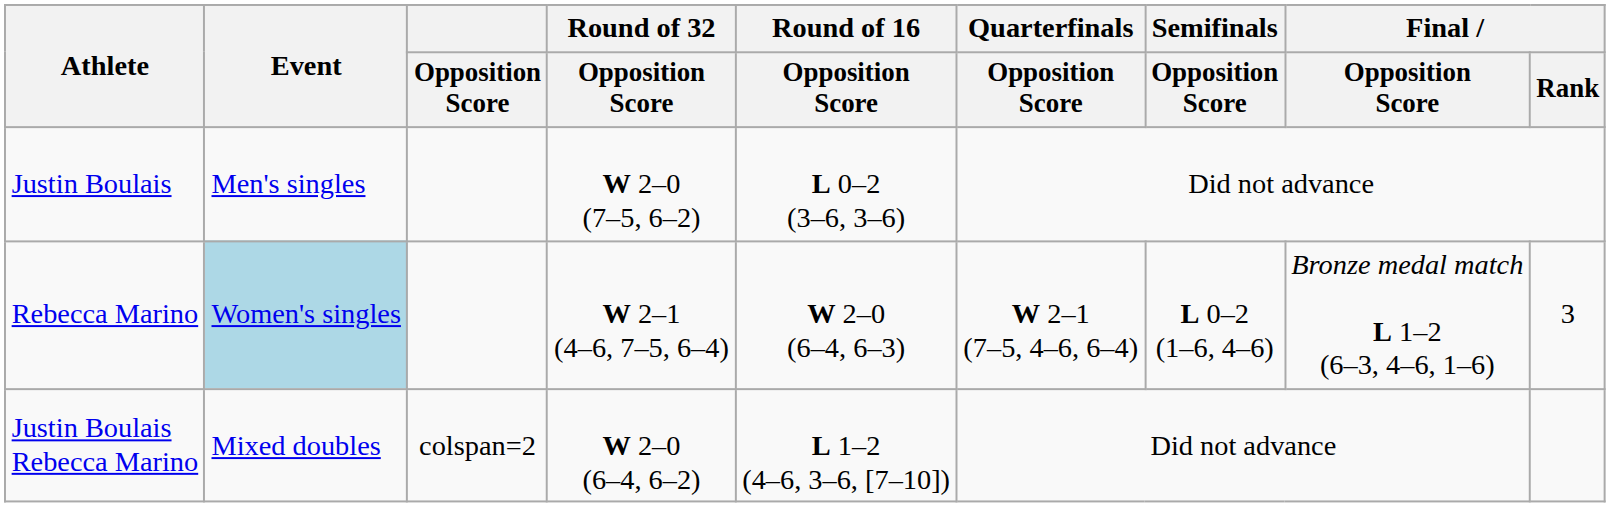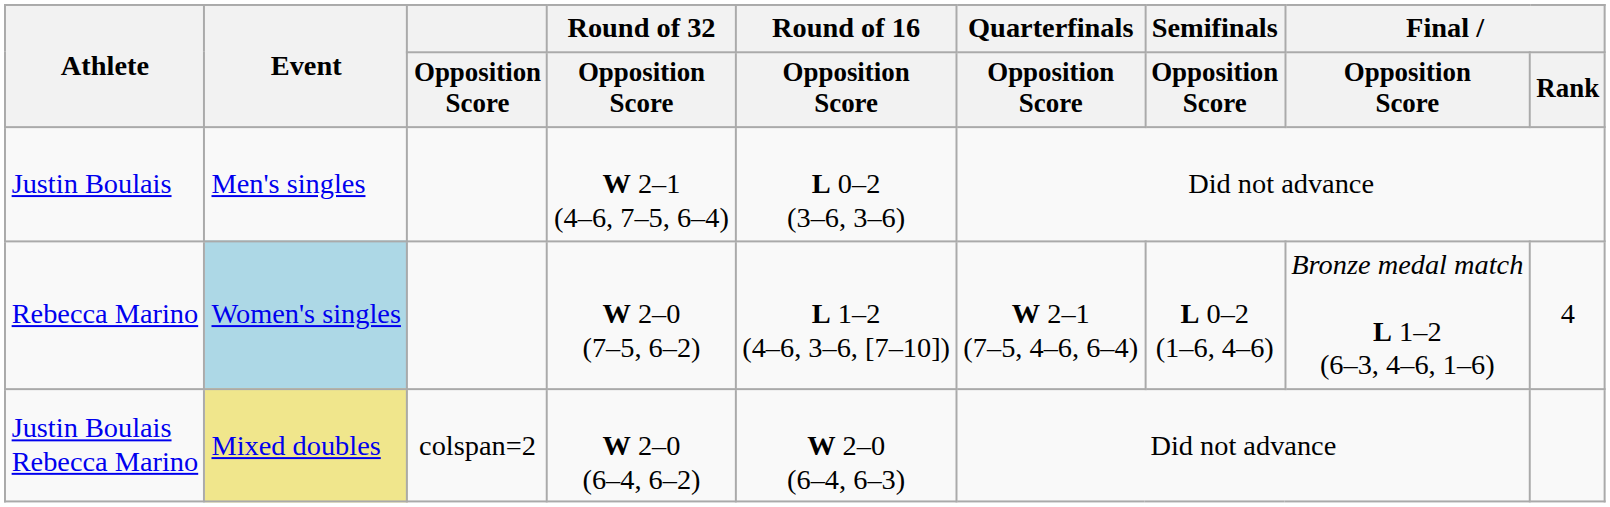 <table class=wikitable style="font-size:90%">
 <tr>
 <th rowspan=2>Athlete</th>
 <th rowspan=2>Event</th>
 <th></th>
 <th>Round of 32</th>
 <th>Round of 16</th>
 <th>Quarterfinals</th>
 <th>Semifinals</th>
 <th colspan=2>Final / </th>
 </tr>
 <tr style="font-size:95%">
 <th>Opposition<br>Score</th>
 <th>Opposition<br>Score</th>
 <th>Opposition<br>Score</th>
 <th>Opposition<br>Score</th>
 <th>Opposition<br>Score</th>
 <th>Opposition<br>Score</th>
 <th>Rank</th>
 </tr>
 <tr align=center>
 <td align=left><a href='#'>Justin Boulais</a></td>
 <td align=left><a href='#'>Men's singles</a></td>
 <td></td>
-<td><br><strong>W</strong>  2–0 <br>(7–5, 6–2)</td>
+<td><br><strong>W</strong> 2–1<br>(4–6, 7–5, 6–4)</td>
 <td><br><strong>L</strong> 0–2<br>(3–6, 3–6)</td>
 <td colspan=4>Did not advance</td>
 </tr>
 <tr align=center>
 <td align=left><a href='#'>Rebecca Marino</a></td>
 <td align=left style="background: lightblue;"><a href='#'>Women's singles</a></td>
 <td></td>
-<td><br><strong>W</strong> 2–1<br>(4–6, 7–5, 6–4)</td>
-<td><br><strong>W</strong> 2–0<br>(6–4, 6–3)</td>
+<td><br><strong>W</strong>  2–0 <br>(7–5, 6–2)</td>
+<td><br><strong>L</strong> 1–2 <br>(4–6, 3–6, [7–10])</td>
 <td><br><strong>W</strong> 2–1 <br>(7–5, 4–6, 6–4)</td>
 <td><br><strong>L</strong> 0–2 <br>(1–6, 4–6)</td>
 <td><em>Bronze medal match</em><br><br><strong>L</strong>  1–2<br>(6–3, 4–6, 1–6)</td>
-<td>3</td>
+<td>4</td>
 </tr>
 <tr align=center>
 <td align=left><a href='#'>Justin Boulais</a><br><a href='#'>Rebecca Marino</a></td>
-<td align=left><a href='#'>Mixed doubles</a></td>
+<td align=left style="background: khaki;"><a href='#'>Mixed doubles</a></td>
 <td>colspan=2 </td>
 <td><br><strong>W</strong> 2–0<br>(6–4, 6–2)</td>
-<td><br><strong>L</strong> 1–2 <br>(4–6, 3–6, [7–10])</td>
+<td><br><strong>W</strong> 2–0<br>(6–4, 6–3)</td>
 <td colspan=3>Did not advance</td>
 </tr>
 </table>
